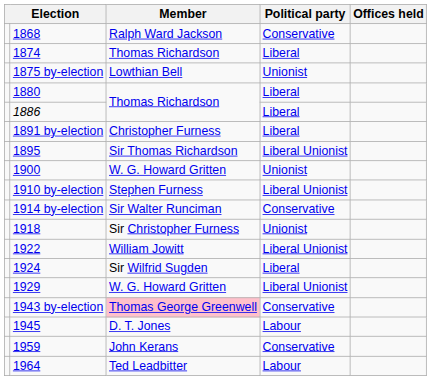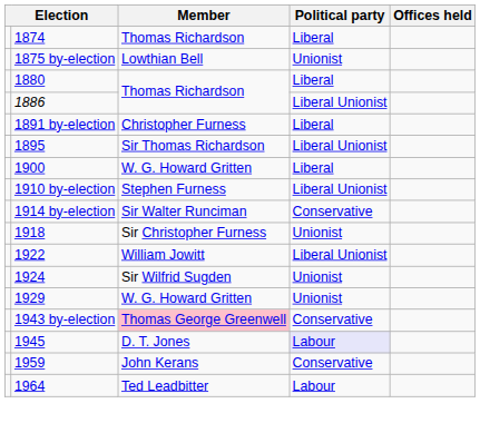 <table class="wikitable sortable">
 <tr>
 <th colspan="2">Election</th>
 <th>Member</th>
 <th>Political party</th>
 <th>Offices held</th>
-</tr>
-<tr>
-<td style="color:inherit;background-color: "></td>
-<td><a href='#'>1868</a></td>
-<td><a href='#'>Ralph Ward Jackson</a></td>
-<td><a href='#'>Conservative</a></td>
-<td></td>
 </tr>
 <tr>
 <td style="color:inherit;background-color: "></td>
 <td><a href='#'>1874</a></td>
 <td><a href='#'>Thomas Richardson</a></td>
 <td><a href='#'>Liberal</a></td>
 <td></td>
 </tr>
 <tr>
 <td style="color:inherit;background-color: "></td>
 <td><a href='#'>1875 by-election</a></td>
 <td><a href='#'>Lowthian Bell</a></td>
 <td><a href='#'>Unionist</a></td>
 <td></td>
 </tr>
 <tr>
 <td style="color:inherit;background-color: "></td>
 <td><a href='#'>1880</a></td>
 <td rowspan="2"><a href='#'>Thomas Richardson</a></td>
 <td><a href='#'>Liberal</a></td>
 <td></td>
 </tr>
 <tr>
 <td style="color:inherit;background-color: "></td>
 <td><em>1886</em></td>
-<td><a href='#'>Liberal</a></td>
+<td><a href='#'>Liberal Unionist</a></td>
 <td></td>
 </tr>
 <tr>
 <td style="color:inherit;background-color: "></td>
 <td><a href='#'>1891 by-election</a></td>
 <td><a href='#'>Christopher Furness</a></td>
 <td><a href='#'>Liberal</a></td>
 <td></td>
 </tr>
 <tr>
 <td style="color:inherit;background-color: "></td>
 <td><a href='#'>1895</a></td>
 <td><a href='#'>Sir Thomas Richardson</a></td>
 <td><a href='#'>Liberal Unionist</a></td>
 <td></td>
 </tr>
 <tr>
 <td style="color:inherit;background-color: "></td>
 <td><a href='#'>1900</a></td>
 <td><a href='#'>W. G. Howard Gritten</a></td>
-<td><a href='#'>Unionist</a></td>
+<td><a href='#'>Liberal</a></td>
 <td></td>
 </tr>
 <tr>
 <td style="color:inherit;background-color: "></td>
 <td><a href='#'>1910 by-election</a></td>
 <td><a href='#'>Stephen Furness</a></td>
 <td><a href='#'>Liberal Unionist</a></td>
 <td></td>
 </tr>
 <tr>
 <td style="color:inherit;background-color: "></td>
 <td><a href='#'>1914 by-election</a></td>
 <td><a href='#'>Sir Walter Runciman</a></td>
 <td><a href='#'>Conservative</a></td>
 <td></td>
 </tr>
 <tr>
 <td style="color:inherit;background-color: "></td>
 <td><a href='#'>1918</a></td>
 <td>Sir <a href='#'>Christopher Furness</a></td>
 <td><a href='#'>Unionist</a></td>
 <td></td>
 </tr>
 <tr>
 <td style="color:inherit;background-color: "></td>
 <td><a href='#'>1922</a></td>
 <td><a href='#'>William Jowitt</a></td>
 <td><a href='#'>Liberal Unionist</a></td>
 <td></td>
 </tr>
 <tr>
 <td style="color:inherit;background-color: "></td>
 <td><a href='#'>1924</a></td>
 <td>Sir <a href='#'>Wilfrid Sugden</a></td>
-<td><a href='#'>Liberal</a></td>
+<td><a href='#'>Unionist</a></td>
 <td></td>
 </tr>
 <tr>
 <td style="color:inherit;background-color: "></td>
 <td><a href='#'>1929</a></td>
 <td><a href='#'>W. G. Howard Gritten</a></td>
-<td><a href='#'>Liberal Unionist</a></td>
+<td><a href='#'>Unionist</a></td>
 <td></td>
 </tr>
 <tr>
 <td style="color:inherit;background-color: "></td>
 <td><a href='#'>1943 by-election</a></td>
 <td style="background: pink;"><a href='#'>Thomas George Greenwell</a></td>
 <td><a href='#'>Conservative</a></td>
 <td></td>
 </tr>
 <tr>
 <td style="color:inherit;background-color: "></td>
 <td><a href='#'>1945</a></td>
 <td><a href='#'>D. T. Jones</a></td>
-<td><a href='#'>Labour</a></td>
+<td style="background: lavender;"><a href='#'>Labour</a></td>
 <td></td>
 </tr>
 <tr>
 <td style="color:inherit;background-color: "></td>
 <td><a href='#'>1959</a></td>
 <td><a href='#'>John Kerans</a></td>
 <td><a href='#'>Conservative</a></td>
 <td></td>
 </tr>
 <tr>
 <td style="color:inherit;background-color: "></td>
 <td><a href='#'>1964</a></td>
 <td><a href='#'>Ted Leadbitter</a></td>
 <td><a href='#'>Labour</a></td>
 <td></td>
 </tr>
 </table>
